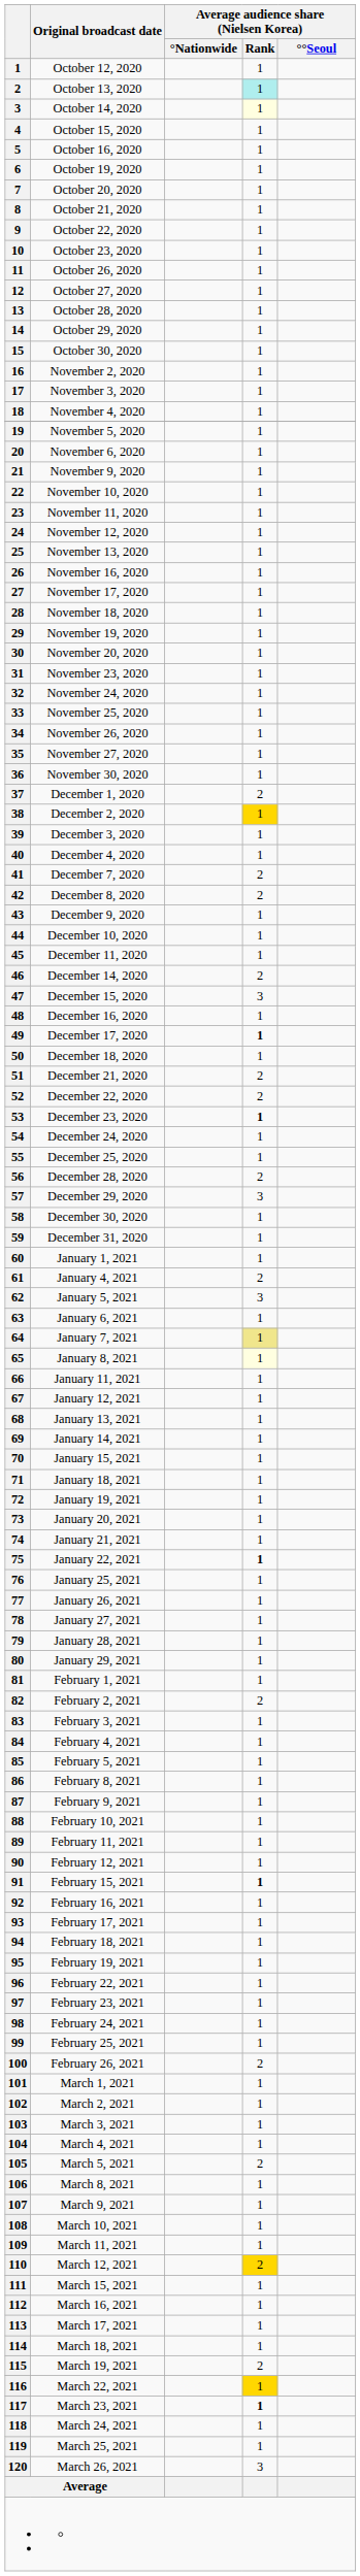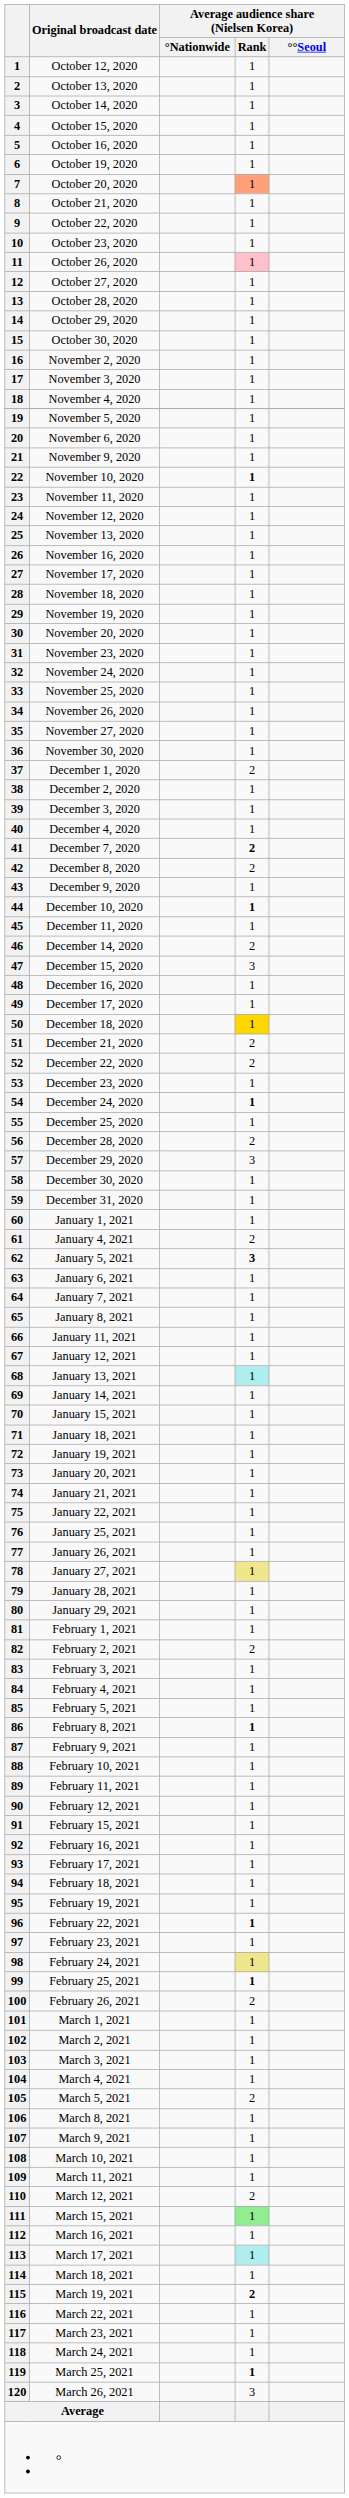 <table class="wikitable" style="text-align:center;max-width:450px; margin-left: auto; margin-right: auto; border: none;">
 <tr>
 </tr>
 <tr>
 <th rowspan="2"></th>
 <th rowspan="2">Original broadcast date</th>
 <th colspan="3">Average audience share<br>(Nielsen Korea)</th>
 </tr>
 <tr>
 <th width="90">°Nationwide</th>
 <th width="30">Rank</th>
 <th width="90">°°<a href='#'>Seoul</a></th>
 </tr>
 <tr>
 <th>1</th>
 <td>October 12, 2020</td>
 <td></td>
 <td>1</td>
 <td></td>
 </tr>
 <tr>
 <th>2</th>
 <td>October 13, 2020</td>
 <td></td>
-<td style="background: paleturquoise;">1</td>
+<td>1</td>
 <td></td>
 </tr>
 <tr>
 <th>3</th>
 <td>October 14, 2020</td>
 <td></td>
-<td style="background: lightyellow;">1</td>
+<td>1</td>
 <td></td>
 </tr>
 <tr>
 <th>4</th>
 <td>October 15, 2020</td>
 <td></td>
 <td>1</td>
 <td></td>
 </tr>
 <tr>
 <th>5</th>
 <td>October 16, 2020</td>
 <td></td>
 <td>1</td>
 <td></td>
 </tr>
 <tr>
 <th>6</th>
 <td>October 19, 2020</td>
 <td></td>
 <td>1</td>
 <td></td>
 </tr>
 <tr>
 <th>7</th>
 <td>October 20, 2020</td>
 <td></td>
-<td>1</td>
+<td style="background: lightsalmon;">1</td>
 <td></td>
 </tr>
 <tr>
 <th>8</th>
 <td>October 21, 2020</td>
 <td></td>
 <td>1</td>
 <td></td>
 </tr>
 <tr>
 <th>9</th>
 <td>October 22, 2020</td>
 <td></td>
 <td>1</td>
 <td></td>
 </tr>
 <tr>
 <th>10</th>
 <td>October 23, 2020</td>
 <td></td>
 <td>1</td>
 <td></td>
 </tr>
 <tr>
 <th>11</th>
 <td>October 26, 2020</td>
 <td></td>
-<td>1</td>
+<td style="background: pink;">1</td>
 <td></td>
 </tr>
 <tr>
 <th>12</th>
 <td>October 27, 2020</td>
 <td></td>
 <td>1</td>
 <td></td>
 </tr>
 <tr>
 <th>13</th>
 <td>October 28, 2020</td>
 <td></td>
 <td>1</td>
 <td></td>
 </tr>
 <tr>
 <th>14</th>
 <td>October 29, 2020</td>
 <td></td>
 <td>1</td>
 <td></td>
 </tr>
 <tr>
 <th>15</th>
 <td>October 30, 2020</td>
 <td></td>
 <td>1</td>
 <td></td>
 </tr>
 <tr>
 <th>16</th>
 <td>November 2, 2020</td>
 <td></td>
 <td>1</td>
 <td></td>
 </tr>
 <tr>
 <th>17</th>
 <td>November 3, 2020</td>
 <td></td>
 <td>1</td>
 <td></td>
 </tr>
 <tr>
 <th>18</th>
 <td>November 4, 2020</td>
 <td></td>
 <td>1</td>
 <td></td>
 </tr>
 <tr>
 </tr>
 <tr>
 <th>19</th>
 <td>November 5, 2020</td>
 <td></td>
 <td>1</td>
 <td></td>
 </tr>
 <tr>
 <th>20</th>
 <td>November 6, 2020</td>
 <td></td>
 <td>1</td>
 <td></td>
 </tr>
 <tr>
 <th>21</th>
 <td>November 9, 2020</td>
 <td></td>
 <td>1</td>
 <td></td>
 </tr>
 <tr>
 <th>22</th>
 <td>November 10, 2020</td>
 <td></td>
-<td>1</td>
+<td><strong>1</strong></td>
 <td></td>
 </tr>
 <tr>
 <th>23</th>
 <td>November 11, 2020</td>
 <td></td>
 <td>1</td>
 <td></td>
 </tr>
 <tr>
 <th>24</th>
 <td>November 12, 2020</td>
 <td></td>
 <td>1</td>
 <td></td>
 </tr>
 <tr>
 <th>25</th>
 <td>November 13, 2020</td>
 <td></td>
 <td>1</td>
 <td></td>
 </tr>
 <tr>
 <th>26</th>
 <td>November 16, 2020</td>
 <td></td>
 <td>1</td>
 <td></td>
 </tr>
 <tr>
 <th>27</th>
 <td>November 17, 2020</td>
 <td></td>
 <td>1</td>
 <td></td>
 </tr>
 <tr>
 <th>28</th>
 <td>November 18, 2020</td>
 <td></td>
 <td>1</td>
 <td></td>
 </tr>
 <tr>
 <th>29</th>
 <td>November 19, 2020</td>
 <td></td>
 <td>1</td>
 <td></td>
 </tr>
 <tr>
 <th>30</th>
 <td>November 20, 2020</td>
 <td></td>
 <td>1</td>
 <td></td>
 </tr>
 <tr>
 <th>31</th>
 <td>November 23, 2020</td>
 <td></td>
 <td>1</td>
 <td></td>
 </tr>
 <tr>
 <th>32</th>
 <td>November 24, 2020</td>
 <td></td>
 <td>1</td>
 <td></td>
 </tr>
 <tr>
 <th>33</th>
 <td>November 25, 2020</td>
 <td></td>
 <td>1</td>
 <td></td>
 </tr>
 <tr>
 <th>34</th>
 <td>November 26, 2020</td>
 <td></td>
 <td>1</td>
 <td></td>
 </tr>
 <tr>
 <th>35</th>
 <td>November 27, 2020</td>
 <td></td>
 <td>1</td>
 <td></td>
 </tr>
 <tr>
 <th>36</th>
 <td>November 30, 2020</td>
 <td></td>
 <td>1</td>
 <td></td>
 </tr>
 <tr>
 <th>37</th>
 <td>December 1, 2020</td>
 <td></td>
 <td>2</td>
 <td></td>
 </tr>
 <tr>
 <th>38</th>
 <td>December 2, 2020</td>
 <td></td>
-<td style="background: gold;">1</td>
+<td>1</td>
 <td></td>
 </tr>
 <tr>
 <th>39</th>
 <td>December 3, 2020</td>
 <td></td>
 <td>1</td>
 <td></td>
 </tr>
 <tr>
 <th>40</th>
 <td>December 4, 2020</td>
 <td></td>
 <td>1</td>
 <td></td>
 </tr>
 <tr>
 <th>41</th>
 <td>December 7, 2020</td>
 <td></td>
-<td>2</td>
+<td><strong>2</strong></td>
 <td></td>
 </tr>
 <tr>
 <th>42</th>
 <td>December 8, 2020</td>
 <td></td>
 <td>2</td>
 <td></td>
 </tr>
 <tr>
 <th>43</th>
 <td>December 9, 2020</td>
 <td></td>
 <td>1</td>
 <td></td>
 </tr>
 <tr>
 <th>44</th>
 <td>December 10, 2020</td>
 <td></td>
-<td>1</td>
+<td><strong>1</strong></td>
 <td></td>
 </tr>
 <tr>
 <th>45</th>
 <td>December 11, 2020</td>
 <td></td>
 <td>1</td>
 <td></td>
 </tr>
 <tr>
 <th>46</th>
 <td>December 14, 2020</td>
 <td></td>
 <td>2</td>
 <td></td>
 </tr>
 <tr>
 <th>47</th>
 <td>December 15, 2020</td>
 <td></td>
 <td>3</td>
 <td></td>
 </tr>
 <tr>
 <th>48</th>
 <td>December 16, 2020</td>
 <td></td>
 <td>1</td>
 <td></td>
 </tr>
 <tr>
 <th>49</th>
 <td>December 17, 2020</td>
 <td></td>
-<td><strong>1</strong></td>
+<td>1</td>
 <td></td>
 </tr>
 <tr>
 <th>50</th>
 <td>December 18, 2020</td>
 <td></td>
-<td>1</td>
+<td style="background: gold;">1</td>
 <td></td>
 </tr>
 <tr>
 <th>51</th>
 <td>December 21, 2020</td>
 <td></td>
 <td>2</td>
 <td></td>
 </tr>
 <tr>
 <th>52</th>
 <td>December 22, 2020</td>
 <td></td>
 <td>2</td>
 <td></td>
 </tr>
 <tr>
 <th>53</th>
 <td>December 23, 2020</td>
 <td></td>
-<td><strong>1</strong></td>
+<td>1</td>
 <td></td>
 </tr>
 <tr>
 <th>54</th>
 <td>December 24, 2020</td>
 <td></td>
-<td>1</td>
+<td><strong>1</strong></td>
 <td></td>
 </tr>
 <tr>
 <th>55</th>
 <td>December 25, 2020</td>
 <td></td>
 <td>1</td>
 <td></td>
 </tr>
 <tr>
 <th>56</th>
 <td>December 28, 2020</td>
 <td></td>
 <td>2</td>
 <td></td>
 </tr>
 <tr>
 <th>57</th>
 <td>December 29, 2020</td>
 <td></td>
 <td>3</td>
 <td></td>
 </tr>
 <tr>
 <th>58</th>
 <td>December 30, 2020</td>
 <td></td>
 <td>1</td>
 <td></td>
 </tr>
 <tr>
 <th>59</th>
 <td>December 31, 2020</td>
 <td></td>
 <td>1</td>
 <td></td>
 </tr>
 <tr>
 <th>60</th>
 <td>January 1, 2021</td>
 <td></td>
 <td>1</td>
 <td></td>
 </tr>
 <tr>
 <th>61</th>
 <td>January 4, 2021</td>
 <td></td>
 <td>2</td>
 <td></td>
 </tr>
 <tr>
 <th>62</th>
 <td>January 5, 2021</td>
 <td></td>
-<td>3</td>
+<td><strong>3</strong></td>
 <td></td>
 </tr>
 <tr>
 <th>63</th>
 <td>January 6, 2021</td>
 <td></td>
 <td>1</td>
 <td></td>
 </tr>
 <tr>
 <th>64</th>
 <td>January 7, 2021</td>
 <td></td>
-<td style="background: khaki;">1</td>
+<td>1</td>
 <td></td>
 </tr>
 <tr>
 <th>65</th>
 <td>January 8, 2021</td>
 <td></td>
-<td style="background: lightyellow;">1</td>
+<td>1</td>
 <td></td>
 </tr>
 <tr>
 <th>66</th>
 <td>January 11, 2021</td>
 <td></td>
 <td>1</td>
 <td></td>
 </tr>
 <tr>
 <th>67</th>
 <td>January 12, 2021</td>
 <td></td>
 <td>1</td>
 <td></td>
 </tr>
 <tr>
 <th>68</th>
 <td>January 13, 2021</td>
 <td></td>
-<td>1</td>
+<td style="background: paleturquoise;">1</td>
 <td></td>
 </tr>
 <tr>
 <th>69</th>
 <td>January 14, 2021</td>
 <td></td>
 <td>1</td>
 <td></td>
 </tr>
 <tr>
 <th>70</th>
 <td>January 15, 2021</td>
 <td></td>
 <td>1</td>
 <td></td>
 </tr>
 <tr>
 <th>71</th>
 <td>January 18, 2021</td>
 <td></td>
 <td>1</td>
 <td></td>
 </tr>
 <tr>
 <th>72</th>
 <td>January 19, 2021</td>
 <td></td>
 <td>1</td>
 <td></td>
 </tr>
 <tr>
 <th>73</th>
 <td>January 20, 2021</td>
 <td></td>
 <td>1</td>
 <td></td>
 </tr>
 <tr>
 <th>74</th>
 <td>January 21, 2021</td>
 <td></td>
 <td>1</td>
 <td></td>
 </tr>
 <tr>
 <th>75</th>
 <td>January 22, 2021</td>
 <td></td>
-<td><strong>1</strong></td>
+<td>1</td>
 <td></td>
 </tr>
 <tr>
 <th>76</th>
 <td>January 25, 2021</td>
 <td></td>
 <td>1</td>
 <td></td>
 </tr>
 <tr>
 <th>77</th>
 <td>January 26, 2021</td>
 <td></td>
 <td>1</td>
 <td></td>
 </tr>
 <tr>
 <th>78</th>
 <td>January 27, 2021</td>
 <td></td>
-<td>1</td>
+<td style="background: khaki;">1</td>
 <td></td>
 </tr>
 <tr>
 <th>79</th>
 <td>January 28, 2021</td>
 <td></td>
 <td>1</td>
 <td></td>
 </tr>
 <tr>
 <th>80</th>
 <td>January 29, 2021</td>
 <td></td>
 <td>1</td>
 <td></td>
 </tr>
 <tr>
 <th>81</th>
 <td>February 1, 2021</td>
 <td></td>
 <td>1</td>
 <td></td>
 </tr>
 <tr>
 <th>82</th>
 <td>February 2, 2021</td>
 <td></td>
 <td>2</td>
 <td></td>
 </tr>
 <tr>
 <th>83</th>
 <td>February 3, 2021</td>
 <td></td>
 <td>1</td>
 <td></td>
 </tr>
 <tr>
 <th>84</th>
 <td>February 4, 2021</td>
 <td></td>
 <td>1</td>
 <td></td>
 </tr>
 <tr>
 <th>85</th>
 <td>February 5, 2021</td>
 <td></td>
 <td>1</td>
 <td></td>
 </tr>
 <tr>
 <th>86</th>
 <td>February 8, 2021</td>
 <td></td>
-<td>1</td>
+<td><strong>1</strong></td>
 <td></td>
 </tr>
 <tr>
 <th>87</th>
 <td>February 9, 2021</td>
 <td></td>
 <td>1</td>
 <td></td>
 </tr>
 <tr>
 <th>88</th>
 <td>February 10, 2021</td>
 <td></td>
 <td>1</td>
 <td></td>
 </tr>
 <tr>
 <th>89</th>
 <td>February 11, 2021</td>
 <td></td>
 <td>1</td>
 <td></td>
 </tr>
 <tr>
 <th>90</th>
 <td>February 12, 2021</td>
 <td></td>
 <td>1</td>
 <td></td>
 </tr>
 <tr>
 <th>91</th>
 <td>February 15, 2021</td>
 <td></td>
-<td><strong>1</strong></td>
+<td>1</td>
 <td></td>
 </tr>
 <tr>
 <th>92</th>
 <td>February 16, 2021</td>
 <td></td>
 <td>1</td>
 <td></td>
 </tr>
 <tr>
 <th>93</th>
 <td>February 17, 2021</td>
 <td></td>
 <td>1</td>
 <td></td>
 </tr>
 <tr>
 <th>94</th>
 <td>February 18, 2021</td>
 <td></td>
 <td>1</td>
 <td></td>
 </tr>
 <tr>
 <th>95</th>
 <td>February 19, 2021</td>
 <td></td>
 <td>1</td>
 <td></td>
 </tr>
 <tr>
 <th>96</th>
 <td>February 22, 2021</td>
 <td></td>
-<td>1</td>
+<td><strong>1</strong></td>
 <td></td>
 </tr>
 <tr>
 <th>97</th>
 <td>February 23, 2021</td>
 <td></td>
 <td>1</td>
 <td></td>
 </tr>
 <tr>
 <th>98</th>
 <td>February 24, 2021</td>
 <td></td>
-<td>1</td>
+<td style="background: khaki;">1</td>
 <td></td>
 </tr>
 <tr>
 <th>99</th>
 <td>February 25, 2021</td>
 <td></td>
-<td>1</td>
+<td><strong>1</strong></td>
 <td></td>
 </tr>
 <tr>
 <th>100</th>
 <td>February 26, 2021</td>
 <td></td>
 <td>2</td>
 <td></td>
 </tr>
 <tr>
 <th>101</th>
 <td>March 1, 2021</td>
 <td></td>
 <td>1</td>
 <td></td>
 </tr>
 <tr>
 <th>102</th>
 <td>March 2, 2021</td>
 <td></td>
 <td>1</td>
 <td></td>
 </tr>
 <tr>
 <th>103</th>
 <td>March 3, 2021</td>
 <td></td>
 <td>1</td>
 <td></td>
 </tr>
 <tr>
 <th>104</th>
 <td>March 4, 2021</td>
 <td></td>
 <td>1</td>
 <td></td>
 </tr>
 <tr>
 <th>105</th>
 <td>March 5, 2021</td>
 <td></td>
 <td>2</td>
 <td></td>
 </tr>
 <tr>
 <th>106</th>
 <td>March 8, 2021</td>
 <td></td>
 <td>1</td>
 <td></td>
 </tr>
 <tr>
 <th>107</th>
 <td>March 9, 2021</td>
 <td></td>
 <td>1</td>
 <td></td>
 </tr>
 <tr>
 <th>108</th>
 <td>March 10, 2021</td>
 <td></td>
 <td>1</td>
 <td></td>
 </tr>
 <tr>
 <th>109</th>
 <td>March 11, 2021</td>
 <td></td>
 <td>1</td>
 <td></td>
 </tr>
 <tr>
 <th>110</th>
 <td>March 12, 2021</td>
 <td></td>
-<td style="background: gold;">2</td>
+<td>2</td>
 <td></td>
 </tr>
 <tr>
 <th>111</th>
 <td>March 15, 2021</td>
 <td></td>
-<td>1</td>
+<td style="background: lightgreen;">1</td>
 <td></td>
 </tr>
 <tr>
 <th>112</th>
 <td>March 16, 2021</td>
 <td></td>
 <td>1</td>
 <td></td>
 </tr>
 <tr>
 <th>113</th>
 <td>March 17, 2021</td>
 <td></td>
-<td>1</td>
+<td style="background: paleturquoise;">1</td>
 <td></td>
 </tr>
 <tr>
 <th>114</th>
 <td>March 18, 2021</td>
 <td></td>
 <td>1</td>
 <td></td>
 </tr>
 <tr>
 <th>115</th>
 <td>March 19, 2021</td>
 <td></td>
-<td>2</td>
+<td><strong>2</strong></td>
 <td></td>
 </tr>
 <tr>
 <th>116</th>
 <td>March 22, 2021</td>
 <td></td>
-<td style="background: gold;">1</td>
+<td>1</td>
 <td></td>
 </tr>
 <tr>
 <th>117</th>
 <td>March 23, 2021</td>
 <td></td>
-<td><strong>1</strong></td>
+<td>1</td>
 <td></td>
 </tr>
 <tr>
 <th>118</th>
 <td>March 24, 2021</td>
 <td></td>
 <td>1</td>
 <td></td>
 </tr>
 <tr>
 <th>119</th>
 <td>March 25, 2021</td>
 <td></td>
-<td>1</td>
+<td><strong>1</strong></td>
 <td></td>
 </tr>
 <tr>
 <th>120</th>
 <td>March 26, 2021</td>
 <td></td>
 <td>3</td>
 <td></td>
 </tr>
 <tr>
 <th colspan="2">Average</th>
 <th></th>
 <th></th>
 <th></th>
 </tr>
 <tr>
 <td colspan="5"><br><ul><li><ul><li></li></ul></li><li></li></ul></td>
 </tr>
 </table>
